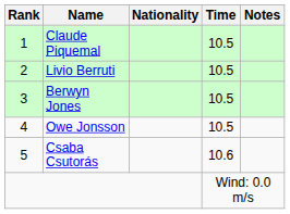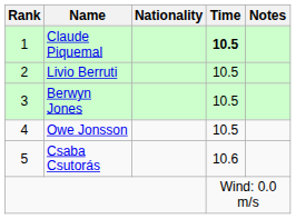 <table class="wikitable sortable" style="text-align:center;width: 55%">
 <tr>
 <th>Rank</th>
 <th>Name</th>
 <th>Nationality</th>
 <th>Time</th>
 <th>Notes</th>
 </tr>
 <tr bgcolor=ccffcc>
 <td>1</td>
 <td align=left><a href='#'>Claude Piquemal</a></td>
 <td align=left></td>
-<td>10.5</td>
+<td><strong>10.5</strong></td>
 <td></td>
 </tr>
 <tr bgcolor=ccffcc>
 <td>2</td>
 <td align=left><a href='#'>Livio Berruti</a></td>
 <td align=left></td>
 <td>10.5</td>
 <td></td>
 </tr>
 <tr bgcolor=ccffcc>
 <td>3</td>
 <td align=left><a href='#'>Berwyn Jones</a></td>
 <td align=left></td>
 <td>10.5</td>
 <td></td>
 </tr>
 <tr>
 <td>4</td>
 <td align=left><a href='#'>Owe Jonsson</a></td>
 <td align=left></td>
 <td>10.5</td>
 <td></td>
 </tr>
 <tr>
 <td>5</td>
 <td align=left><a href='#'>Csaba Csutorás</a></td>
 <td align=left></td>
 <td>10.6</td>
 <td></td>
 </tr>
 <tr>
 <td colspan="3"></td>
 <td colspan="2">Wind: 0.0 m/s</td>
 </tr>
 </table>
